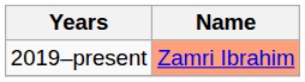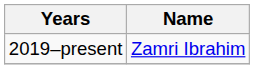 <table class="wikitable">
 <tr>
 <th style="background:; color:; text-align:center;">Years</th>
 <th style="background:; color:; text-align:center;">Name</th>
 </tr>
 <tr>
 <td>2019–present</td>
-<td style="background: lightsalmon;"><a href='#'>Zamri Ibrahim</a></td>
+<td><a href='#'>Zamri Ibrahim</a></td>
 </tr>
 <tr>
 </tr>
 </table>
